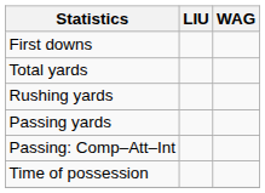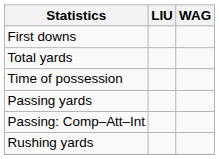 <table class="wikitable" style="float: left;">
 <tr>
 <th>Statistics</th>
 <th>LIU</th>
 <th>WAG</th>
 </tr>
 <tr>
 <td>First downs</td>
 <td></td>
 <td></td>
 </tr>
 <tr>
 <td>Total yards</td>
 <td></td>
 <td></td>
 </tr>
 <tr>
-<td>Rushing yards</td>
+<td>Time of possession</td>
 <td></td>
 <td></td>
 </tr>
 <tr>
 <td>Passing yards</td>
 <td></td>
 <td></td>
 </tr>
 <tr>
 <td>Passing: Comp–Att–Int</td>
 <td></td>
 <td></td>
 </tr>
 <tr>
-<td>Time of possession</td>
+<td>Rushing yards</td>
 <td></td>
 <td></td>
 </tr>
 <tr>
 </tr>
 </table>
